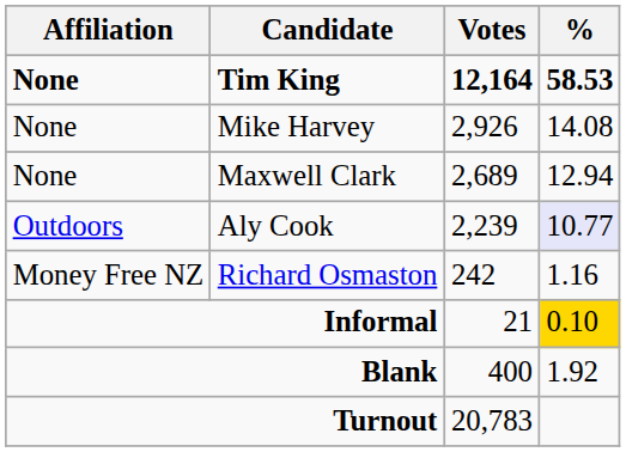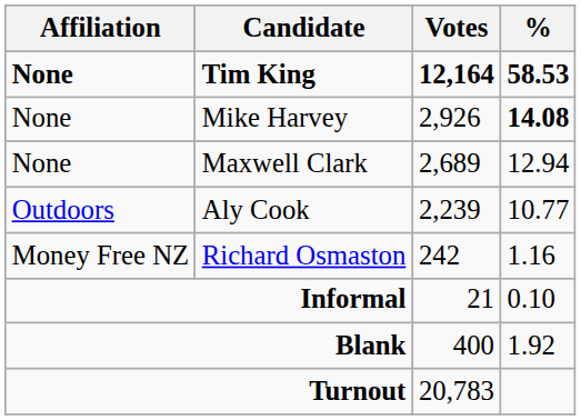 <table class="wikitable col3right col4right" style="font-size:90%">
 <tr>
 <th>Affiliation</th>
 <th>Candidate</th>
 <th>Votes</th>
 <th>%</th>
 </tr>
 <tr>
 <td><strong>None</strong></td>
 <td><strong>Tim King</strong></td>
 <td><strong>12,164</strong></td>
 <td><strong>58.53</strong></td>
 </tr>
 <tr>
 <td>None</td>
 <td>Mike Harvey</td>
 <td>2,926</td>
-<td>14.08</td>
+<td><strong>14.08</strong></td>
 </tr>
 <tr>
 <td>None</td>
 <td>Maxwell Clark</td>
 <td>2,689</td>
 <td>12.94</td>
 </tr>
 <tr>
 <td><a href='#'>Outdoors</a></td>
 <td>Aly Cook</td>
 <td>2,239</td>
-<td style="background: lavender;">10.77</td>
+<td>10.77</td>
 </tr>
 <tr>
 <td>Money Free NZ</td>
 <td><a href='#'>Richard Osmaston</a></td>
 <td>242</td>
 <td>1.16</td>
 </tr>
 <tr>
 <td colspan="2" style="text-align:right"><strong>Informal</strong></td>
 <td style="text-align:right">21</td>
-<td style="background: gold;">0.10</td>
+<td>0.10</td>
 </tr>
 <tr>
 <td colspan="2" style="text-align:right"><strong>Blank</strong></td>
 <td style="text-align:right">400</td>
 <td>1.92</td>
 </tr>
 <tr>
 <td colspan="2" style="text-align:right"><strong>Turnout</strong></td>
 <td style="text-align:right">20,783</td>
 <td></td>
 </tr>
 </table>
